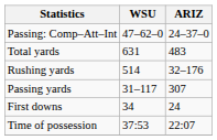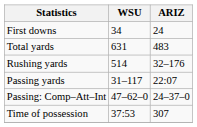 <table class="wikitable" style="float: left;">
 <tr>
 <th>Statistics</th>
 <th>WSU</th>
 <th>ARIZ</th>
 </tr>
 <tr>
-<td>Passing: Comp–Att–Int</td>
-<td>47–62–0</td>
-<td>24–37–0</td>
+<td>First downs</td>
+<td>34</td>
+<td>24</td>
 </tr>
 <tr>
 <td>Total yards</td>
 <td>631</td>
 <td>483</td>
 </tr>
 <tr>
 <td>Rushing yards</td>
 <td>514</td>
 <td>32–176</td>
 </tr>
 <tr>
 <td>Passing yards</td>
 <td>31–117</td>
-<td>307</td>
+<td>22:07</td>
 </tr>
 <tr>
-<td>First downs</td>
-<td>34</td>
-<td>24</td>
+<td>Passing: Comp–Att–Int</td>
+<td>47–62–0</td>
+<td>24–37–0</td>
 </tr>
 <tr>
 <td>Time of possession</td>
 <td>37:53</td>
-<td>22:07</td>
+<td>307</td>
 </tr>
 <tr>
 </tr>
 </table>
